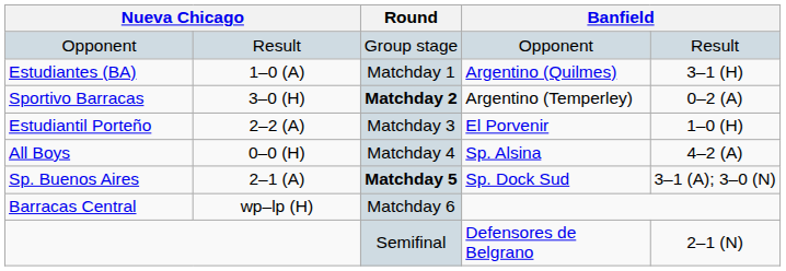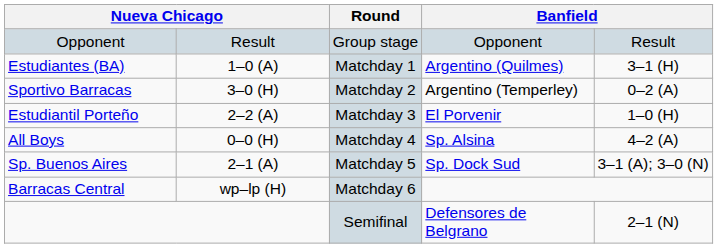 <table class="wikitable" style="text-align:center;">
 <tr>
 <th colspan=3 width=200px><a href='#'>Nueva Chicago</a></th>
 <th>Round</th>
 <th colspan=3 width=200px><a href='#'>Banfield</a></th>
 </tr>
 <tr bgcolor= #CFDBE2>
 <td width=170px>Opponent</td>
 <td colspan=2 width=150px>Result</td>
 <td>Group stage</td>
 <td width=170px>Opponent</td>
 <td colspan=2>Result</td>
 </tr>
 <tr>
 <td align=left><a href='#'>Estudiantes (BA)</a></td>
 <td colspan=2>1–0 (A)</td>
 <td bgcolor= #CFDBE2>Matchday 1</td>
 <td align=left><a href='#'>Argentino (Quilmes)</a></td>
 <td colspan=2>3–1 (H)</td>
 </tr>
 <tr>
 <td align=left><a href='#'>Sportivo Barracas</a></td>
 <td colspan=2>3–0 (H)</td>
-<td bgcolor= #CFDBE2><strong>Matchday 2</strong></td>
+<td bgcolor= #CFDBE2>Matchday 2</td>
 <td align=left>Argentino (Temperley)</td>
 <td colspan=2>0–2 (A)</td>
 </tr>
 <tr>
 <td align=left><a href='#'>Estudiantil Porteño</a></td>
 <td colspan=2>2–2 (A)</td>
 <td bgcolor= #CFDBE2>Matchday 3</td>
 <td align=left><a href='#'>El Porvenir</a></td>
 <td colspan=2>1–0 (H)</td>
 </tr>
 <tr>
 <td align=left><a href='#'>All Boys</a></td>
 <td colspan=2>0–0 (H)</td>
 <td bgcolor= #CFDBE2>Matchday 4</td>
 <td align=left><a href='#'>Sp. Alsina</a></td>
 <td colspan=2>4–2 (A)</td>
 </tr>
 <tr>
 <td align=left><a href='#'>Sp. Buenos Aires</a></td>
 <td colspan=2>2–1 (A)</td>
-<td bgcolor= #CFDBE2><strong>Matchday 5</strong></td>
+<td bgcolor= #CFDBE2>Matchday 5</td>
 <td align=left><a href='#'>Sp. Dock Sud</a></td>
 <td colspan=2>3–1 (A); 3–0 (N) </td>
 </tr>
 <tr>
 <td align=left><a href='#'>Barracas Central</a></td>
 <td colspan=2>wp–lp (H)</td>
 <td bgcolor= #CFDBE2>Matchday 6</td>
 <td colspan=2></td>
 </tr>
 <tr>
 <td colspan=3></td>
 <td bgcolor= #CFDBE2>Semifinal</td>
 <td align=left><a href='#'>Defensores de Belgrano</a></td>
 <td colspan=2>2–1 (N)</td>
 </tr>
 </table>
